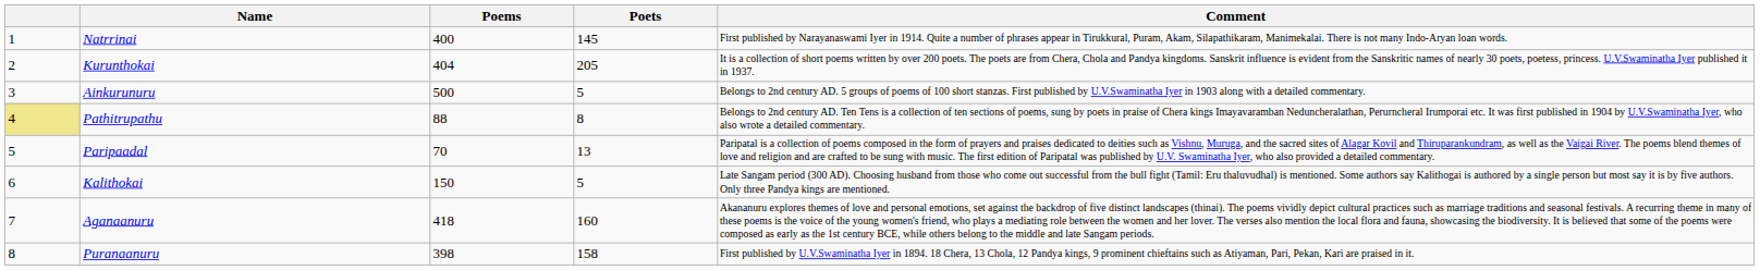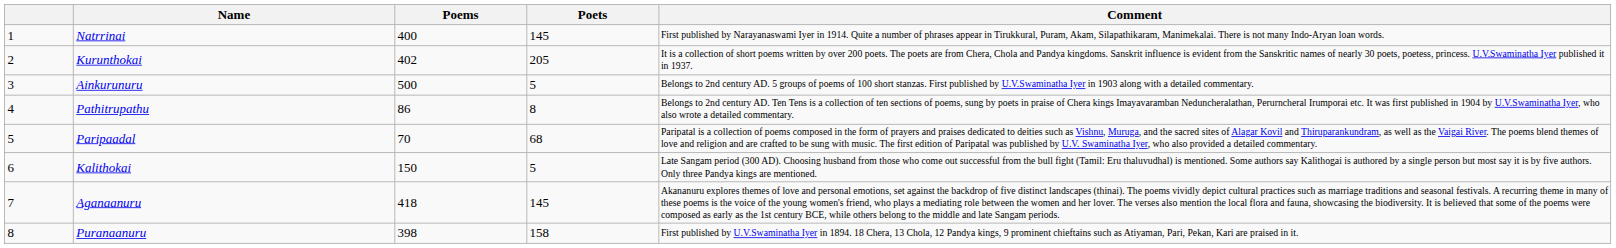 <table class="wikitable" style="table-layout: fixed; width: 100%;">
 <tr>
 <th style="width: 4%;"></th>
 <th ! style="width: 20%;">Name</th>
 <th ! style="width: 8%;">Poems</th>
 <th ! style="width: 8%;">Poets</th>
 <th ! style="width: 60%;">Comment</th>
 </tr>
 <tr>
 <td>1</td>
 <td><a href='#'><em>Natrrinai</em></a></td>
 <td>400</td>
 <td>145</td>
 <td style="font-size: 75%;">First published by Narayanaswami Iyer in 1914. Quite a number of  phrases appear in Tirukkural, Puram, Akam, Silapathikaram, Manimekalai. There is not many Indo-Aryan loan words.</td>
 </tr>
 <tr>
 <td>2</td>
 <td><a href='#'><em>Kurunthokai</em></a></td>
-<td>404</td>
+<td>402</td>
 <td>205</td>
 <td style="font-size: 75%;">It is a collection of short poems written by over 200 poets. The poets are from Chera, Chola and Pandya kingdoms. Sanskrit influence is evident from the Sanskritic names of nearly 30 poets, poetess, princess. <a href='#'>U.V.Swaminatha Iyer</a> published it in 1937.</td>
 </tr>
 <tr>
 <td>3</td>
 <td><em><a href='#'>Ainkurunuru</a></em></td>
 <td>500</td>
 <td>5</td>
 <td style="font-size: 75%;">Belongs to 2nd century AD. 5 groups of poems of 100 short stanzas. First published by <a href='#'>U.V.Swaminatha Iyer</a> in 1903 along with a detailed commentary.</td>
 </tr>
 <tr>
-<td style="background: khaki;">4</td>
+<td>4</td>
 <td><a href='#'><em>Pathitrupathu</em></a></td>
-<td>88</td>
+<td>86</td>
 <td>8</td>
 <td style="font-size: 75%;">Belongs to 2nd century AD. Ten Tens is a collection of ten sections of poems, sung by poets in praise of Chera kings Imayavaramban Neduncheralathan, Perurncheral Irumporai etc. It was first published in 1904 by <a href='#'>U.V.Swaminatha Iyer</a>, who also wrote a detailed commentary.</td>
 </tr>
 <tr>
 <td>5</td>
 <td><a href='#'><em>Paripaadal</em></a></td>
 <td>70</td>
-<td>13</td>
+<td>68</td>
 <td style="font-size: 75%;">Paripatal is a collection of poems composed in the form of prayers and praises dedicated to deities such as <a href='#'>Vishnu</a>, <a href='#'>Muruga</a>, and the sacred sites of <a href='#'>Alagar Kovil</a> and <a href='#'>Thiruparankundram</a>, as well as the <a href='#'>Vaigai River</a>. The poems blend themes of love and religion and are crafted to be sung with music. The first edition of Paripatal was published by <a href='#'>U.V. Swaminatha Iyer</a>, who also provided a detailed commentary.</td>
 </tr>
 <tr>
 <td>6</td>
 <td><em><a href='#'>Kalithokai</a></em></td>
 <td>150</td>
 <td>5</td>
 <td style="font-size: 75%;">Late Sangam period (300 AD). Choosing husband from those who come out successful from the bull fight (Tamil: Eru thaluvudhal) is mentioned. Some authors say Kalithogai is authored by a single person but most say it is by five authors. Only three Pandya kings are mentioned.</td>
 </tr>
 <tr>
 <td>7</td>
 <td><a href='#'><em>Aganaanuru</em></a></td>
 <td>418</td>
-<td>160</td>
+<td>145</td>
 <td style="font-size: 75%;">Akananuru explores themes of love and personal emotions, set against the backdrop of five distinct landscapes (thinai). The poems vividly depict cultural practices such as marriage traditions and seasonal festivals. A recurring theme in many of these poems is the voice of the young women's friend, who plays a mediating role between the women and her lover. The verses also mention the local flora and fauna, showcasing the biodiversity. It is believed that some of the poems were composed as early as the 1st century BCE, while others belong to the middle and late Sangam periods.</td>
 </tr>
 <tr>
 <td>8</td>
 <td><em><a href='#'>Puranaanuru</a></em></td>
 <td>398</td>
 <td>158</td>
 <td style="font-size: 75%;">First published by <a href='#'>U.V.Swaminatha Iyer</a>  in 1894. 18 Chera, 13 Chola, 12 Pandya kings, 9 prominent chieftains such as Atiyaman, Pari, Pekan, Kari are praised in it.</td>
 </tr>
 </table>
